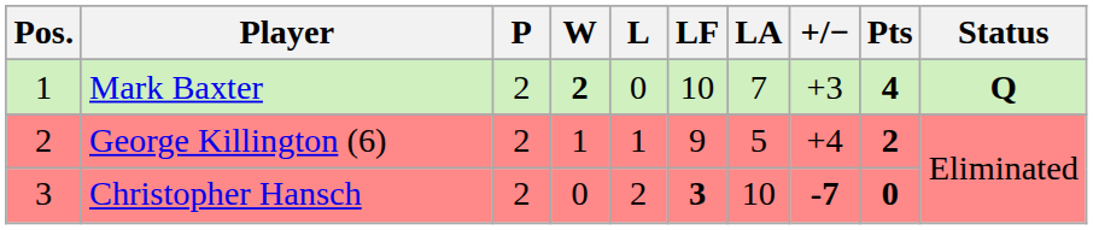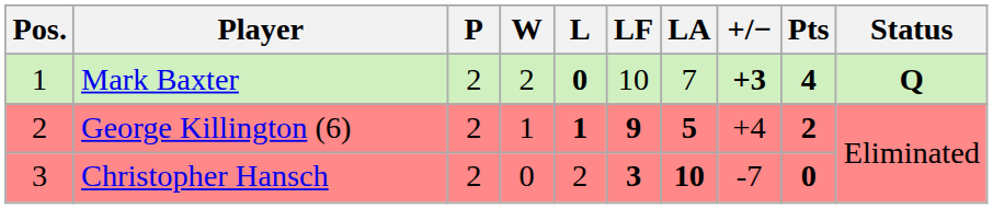 <table class="wikitable" style="text-align:center; margin: 1em auto 1em auto, align:left">
 <tr>
 <th width=20>Pos.</th>
 <th width=185>Player</th>
 <th width=20>P</th>
 <th width=20>W</th>
 <th width=20>L</th>
 <th width=20>LF</th>
 <th width=20>LA</th>
 <th width=25>+/−</th>
 <th width=20>Pts</th>
 <th width=70>Status</th>
 </tr>
 <tr style="background:#D0F0C0;">
 <td>1</td>
 <td align=left> <a href='#'>Mark Baxter</a></td>
 <td>2</td>
-<td><strong>2</strong></td>
-<td>0</td>
+<td>2</td>
+<td><strong>0</strong></td>
 <td>10</td>
 <td>7</td>
-<td>+3</td>
+<td><strong>+3</strong></td>
 <td><strong>4</strong></td>
 <td rowspan=1><strong>Q</strong></td>
 </tr>
 <tr style="background:#FF8888;">
 <td>2</td>
 <td align=left> <a href='#'>George Killington</a> (6)</td>
 <td>2</td>
 <td>1</td>
-<td>1</td>
-<td>9</td>
-<td>5</td>
+<td><strong>1</strong></td>
+<td><strong>9</strong></td>
+<td><strong>5</strong></td>
 <td>+4</td>
 <td><strong>2</strong></td>
 <td rowspan=2>Eliminated</td>
 </tr>
 <tr style="background:#FF8888;">
 <td>3</td>
 <td align=left> <a href='#'>Christopher Hansch</a></td>
 <td>2</td>
 <td>0</td>
 <td>2</td>
 <td><strong>3</strong></td>
-<td>10</td>
-<td><strong>-7</strong></td>
+<td><strong>10</strong></td>
+<td>-7</td>
 <td><strong>0</strong></td>
 </tr>
 </table>
